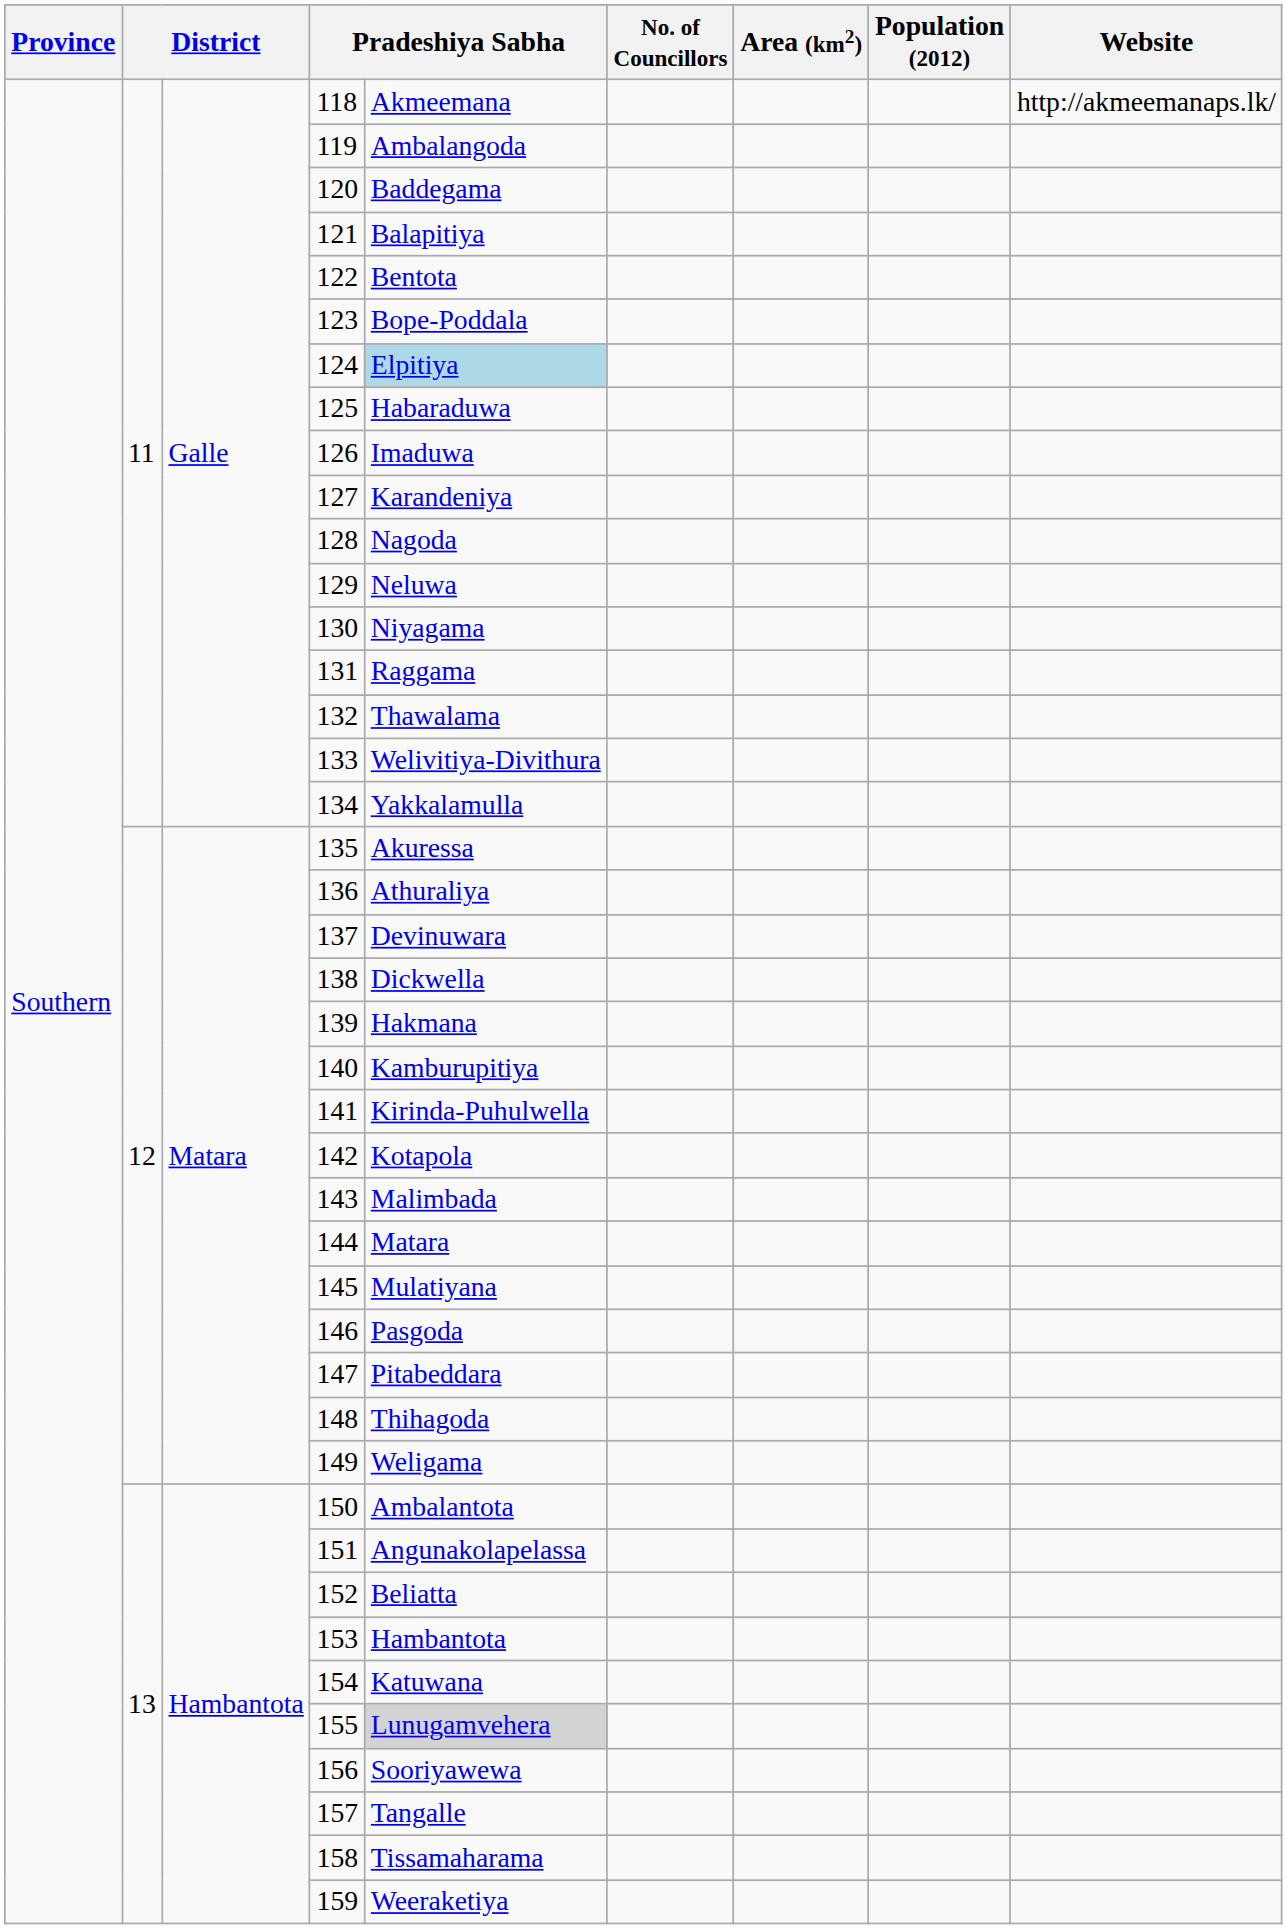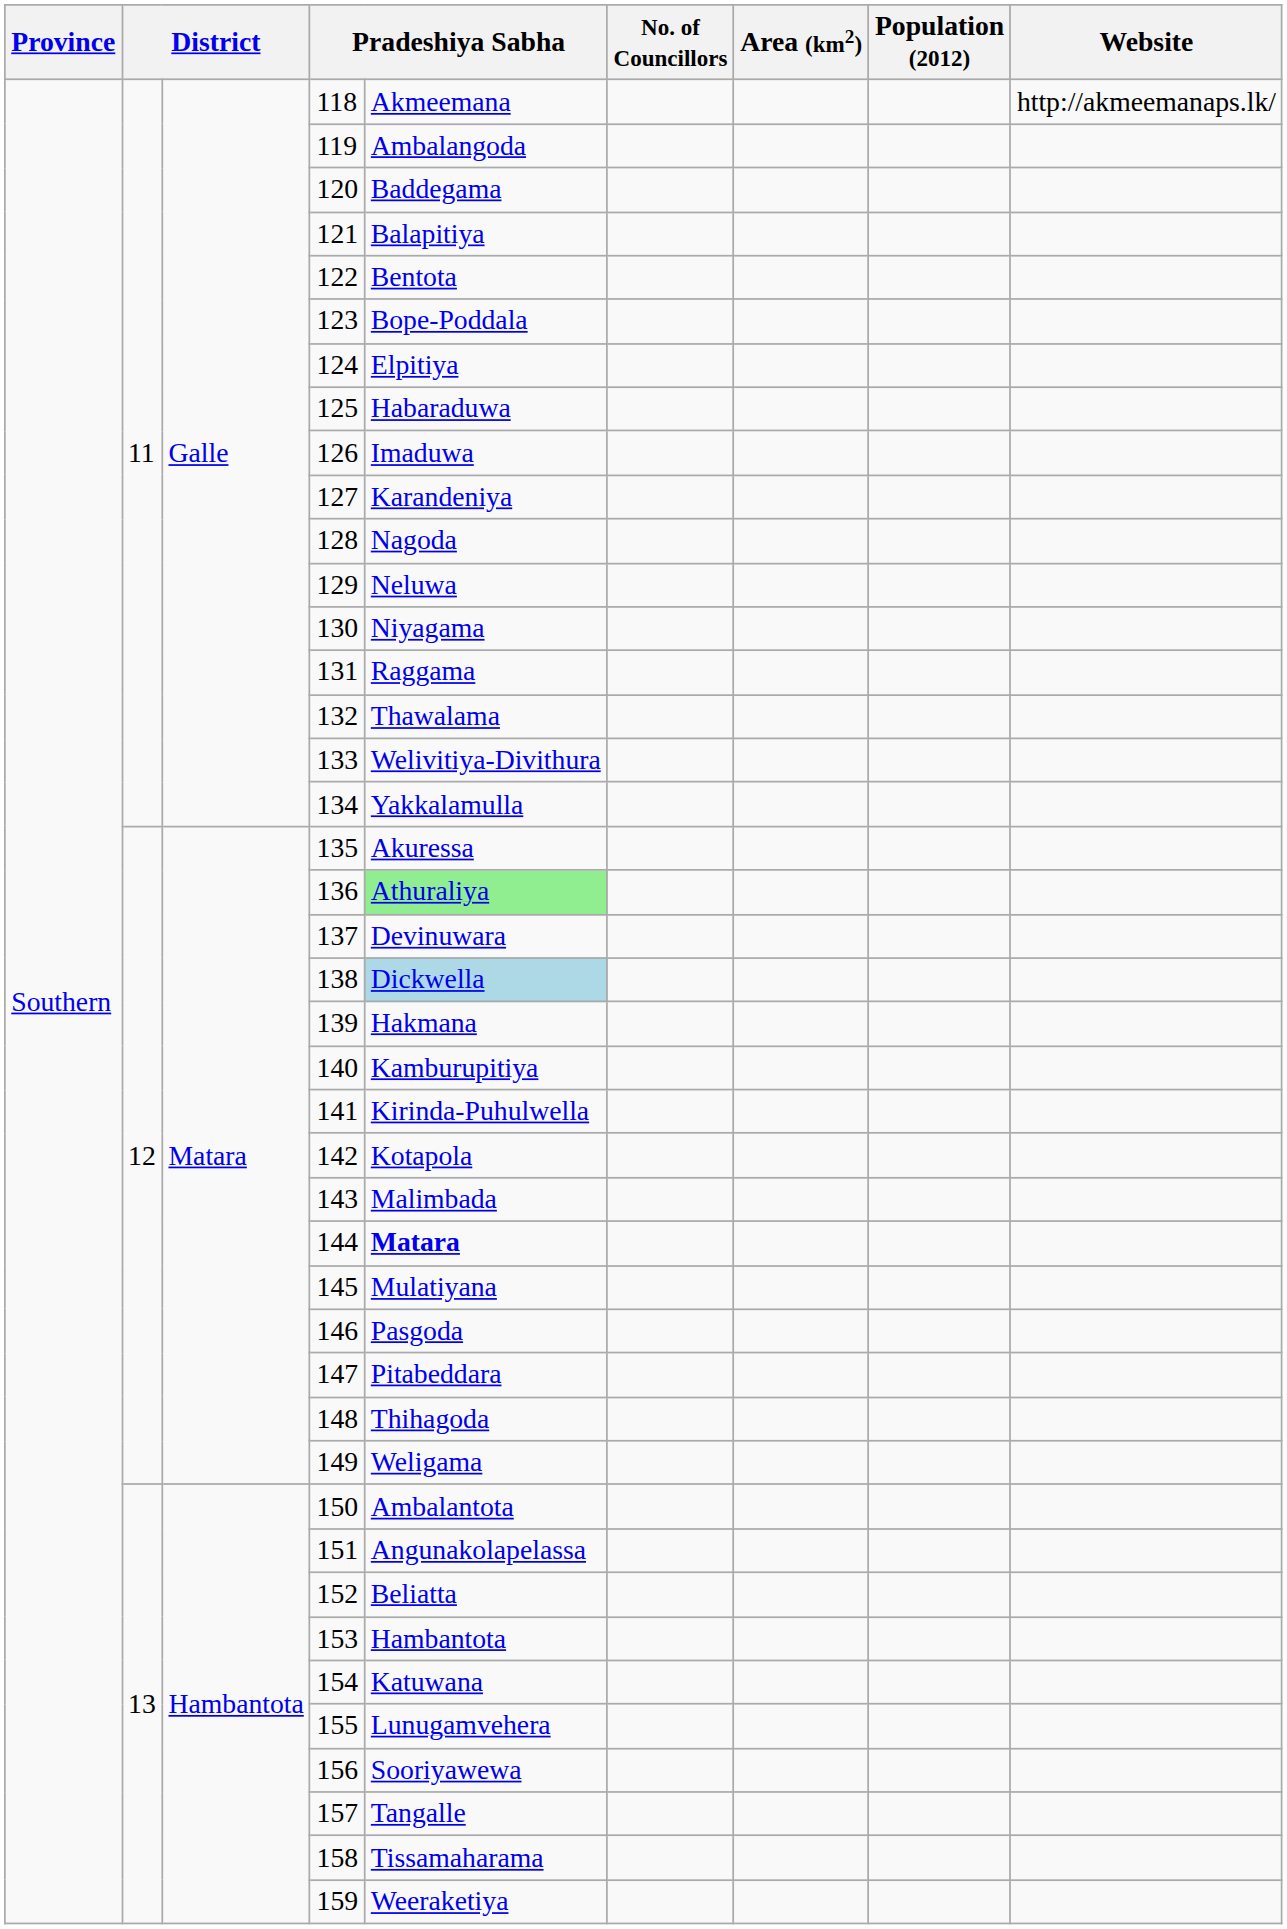 <table class="wikitable sortable">
 <tr>
 <th><a href='#'>Province</a></th>
 <th colspan="2"><a href='#'>District</a></th>
 <th colspan="2">Pradeshiya Sabha</th>
 <th><small>No. of<br>Councillors</small></th>
 <th>Area <small>(km<sup>2</sup>)</small><br></th>
 <th>Population<br><small>(2012)</small></th>
 <th>Website</th>
 </tr>
 <tr>
 <td rowspan="42"><a href='#'>Southern</a></td>
 <td rowspan="17">11</td>
 <td rowspan="17"><a href='#'>Galle</a></td>
 <td>118</td>
 <td><a href='#'>Akmeemana</a></td>
 <td></td>
 <td></td>
 <td></td>
 <td>http://akmeemanaps.lk/</td>
 </tr>
 <tr>
 <td>119</td>
 <td><a href='#'>Ambalangoda</a></td>
 <td></td>
 <td></td>
 <td></td>
 <td></td>
 </tr>
 <tr>
 <td>120</td>
 <td><a href='#'>Baddegama</a></td>
 <td></td>
 <td></td>
 <td></td>
 <td></td>
 </tr>
 <tr>
 <td>121</td>
 <td><a href='#'>Balapitiya</a></td>
 <td></td>
 <td></td>
 <td></td>
 <td></td>
 </tr>
 <tr>
 <td>122</td>
 <td><a href='#'>Bentota</a></td>
 <td></td>
 <td></td>
 <td></td>
 <td></td>
 </tr>
 <tr>
 <td>123</td>
 <td><a href='#'>Bope-Poddala</a></td>
 <td></td>
 <td></td>
 <td></td>
 <td></td>
 </tr>
 <tr>
 <td>124</td>
-<td style="background: lightblue;"><a href='#'>Elpitiya</a></td>
+<td><a href='#'>Elpitiya</a></td>
 <td></td>
 <td></td>
 <td></td>
 <td></td>
 </tr>
 <tr>
 <td>125</td>
 <td><a href='#'>Habaraduwa</a></td>
 <td></td>
 <td></td>
 <td></td>
 <td></td>
 </tr>
 <tr>
 <td>126</td>
 <td><a href='#'>Imaduwa</a></td>
 <td></td>
 <td></td>
 <td></td>
 <td></td>
 </tr>
 <tr>
 <td>127</td>
 <td><a href='#'>Karandeniya</a></td>
 <td></td>
 <td></td>
 <td></td>
 <td></td>
 </tr>
 <tr>
 <td>128</td>
 <td><a href='#'>Nagoda</a></td>
 <td></td>
 <td></td>
 <td></td>
 <td></td>
 </tr>
 <tr>
 <td>129</td>
 <td><a href='#'>Neluwa</a></td>
 <td></td>
 <td></td>
 <td></td>
 <td></td>
 </tr>
 <tr>
 <td>130</td>
 <td><a href='#'>Niyagama</a></td>
 <td></td>
 <td></td>
 <td></td>
 <td></td>
 </tr>
 <tr>
 <td>131</td>
 <td><a href='#'>Raggama</a></td>
 <td></td>
 <td></td>
 <td></td>
 <td></td>
 </tr>
 <tr>
 <td>132</td>
 <td><a href='#'>Thawalama</a></td>
 <td></td>
 <td></td>
 <td></td>
 <td></td>
 </tr>
 <tr>
 <td>133</td>
 <td><a href='#'>Welivitiya-Divithura</a></td>
 <td></td>
 <td></td>
 <td></td>
 <td></td>
 </tr>
 <tr>
 <td>134</td>
 <td><a href='#'>Yakkalamulla</a></td>
 <td></td>
 <td></td>
 <td></td>
 <td></td>
 </tr>
 <tr>
 <td rowspan="15">12</td>
 <td rowspan="15"><a href='#'>Matara</a></td>
 <td>135</td>
 <td><a href='#'>Akuressa</a></td>
 <td></td>
 <td></td>
 <td></td>
 <td></td>
 </tr>
 <tr>
 <td>136</td>
-<td><a href='#'>Athuraliya</a></td>
+<td style="background: lightgreen;"><a href='#'>Athuraliya</a></td>
 <td></td>
 <td></td>
 <td></td>
 <td></td>
 </tr>
 <tr>
 <td>137</td>
 <td><a href='#'>Devinuwara</a></td>
 <td></td>
 <td></td>
 <td></td>
 <td></td>
 </tr>
 <tr>
 <td>138</td>
-<td><a href='#'>Dickwella</a></td>
+<td style="background: lightblue;"><a href='#'>Dickwella</a></td>
 <td></td>
 <td></td>
 <td></td>
 <td></td>
 </tr>
 <tr>
 <td>139</td>
 <td><a href='#'>Hakmana</a></td>
 <td></td>
 <td></td>
 <td></td>
 <td></td>
 </tr>
 <tr>
 <td>140</td>
 <td><a href='#'>Kamburupitiya</a></td>
 <td></td>
 <td></td>
 <td></td>
 <td></td>
 </tr>
 <tr>
 <td>141</td>
 <td><a href='#'>Kirinda-Puhulwella</a></td>
 <td></td>
 <td></td>
 <td></td>
 <td></td>
 </tr>
 <tr>
 <td>142</td>
 <td><a href='#'>Kotapola</a></td>
 <td></td>
 <td></td>
 <td></td>
 <td></td>
 </tr>
 <tr>
 <td>143</td>
 <td><a href='#'>Malimbada</a></td>
 <td></td>
 <td></td>
 <td></td>
 <td></td>
 </tr>
 <tr>
 <td>144</td>
-<td><a href='#'>Matara</a></td>
+<td><strong><a href='#'>Matara</a></strong></td>
 <td></td>
 <td></td>
 <td></td>
 <td></td>
 </tr>
 <tr>
 <td>145</td>
 <td><a href='#'>Mulatiyana</a></td>
 <td></td>
 <td></td>
 <td></td>
 <td></td>
 </tr>
 <tr>
 <td>146</td>
 <td><a href='#'>Pasgoda</a></td>
 <td></td>
 <td></td>
 <td></td>
 <td></td>
 </tr>
 <tr>
 <td>147</td>
 <td><a href='#'>Pitabeddara</a></td>
 <td></td>
 <td></td>
 <td></td>
 <td></td>
 </tr>
 <tr>
 <td>148</td>
 <td><a href='#'>Thihagoda</a></td>
 <td></td>
 <td></td>
 <td></td>
 <td></td>
 </tr>
 <tr>
 <td>149</td>
 <td><a href='#'>Weligama</a></td>
 <td></td>
 <td></td>
 <td></td>
 <td></td>
 </tr>
 <tr>
 <td rowspan="10">13</td>
 <td rowspan="10"><a href='#'>Hambantota</a></td>
 <td>150</td>
 <td><a href='#'>Ambalantota</a></td>
 <td></td>
 <td></td>
 <td></td>
 <td></td>
 </tr>
 <tr>
 <td>151</td>
 <td><a href='#'>Angunakolapelassa</a></td>
 <td></td>
 <td></td>
 <td></td>
 <td></td>
 </tr>
 <tr>
 <td>152</td>
 <td><a href='#'>Beliatta</a></td>
 <td></td>
 <td></td>
 <td></td>
 <td></td>
 </tr>
 <tr>
 <td>153</td>
 <td><a href='#'>Hambantota</a></td>
 <td></td>
 <td></td>
 <td></td>
 <td></td>
 </tr>
 <tr>
 <td>154</td>
 <td><a href='#'>Katuwana</a></td>
 <td></td>
 <td></td>
 <td></td>
 <td></td>
 </tr>
 <tr>
 <td>155</td>
-<td style="background: lightgrey;"><a href='#'>Lunugamvehera</a></td>
+<td><a href='#'>Lunugamvehera</a></td>
 <td></td>
 <td></td>
 <td></td>
 <td></td>
 </tr>
 <tr>
 <td>156</td>
 <td><a href='#'>Sooriyawewa</a></td>
 <td></td>
 <td></td>
 <td></td>
 <td></td>
 </tr>
 <tr>
 <td>157</td>
 <td><a href='#'>Tangalle</a></td>
 <td></td>
 <td></td>
 <td></td>
 <td></td>
 </tr>
 <tr>
 <td>158</td>
 <td><a href='#'>Tissamaharama</a></td>
 <td></td>
 <td></td>
 <td></td>
 <td></td>
 </tr>
 <tr>
 <td>159</td>
 <td><a href='#'>Weeraketiya</a></td>
 <td></td>
 <td></td>
 <td></td>
 <td></td>
 </tr>
 </table>
